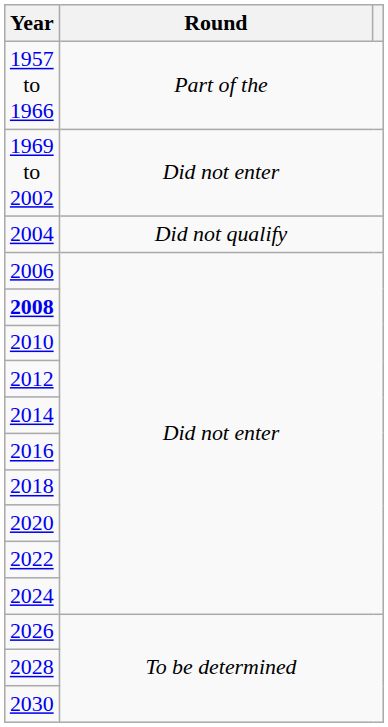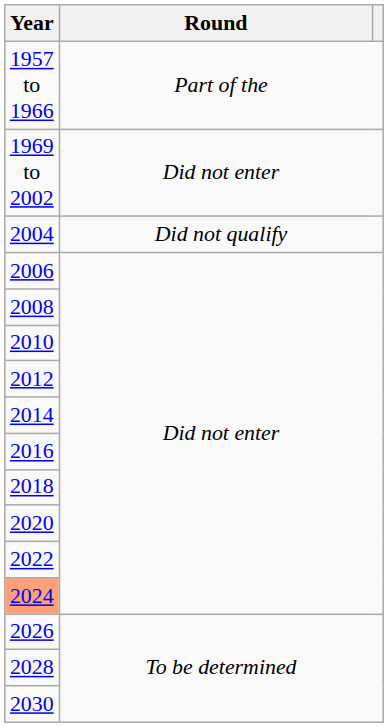 <table class="wikitable" style="text-align: center; font-size:90%">
 <tr>
 <th>Year</th>
 <th style="width:200px">Round</th>
 <th></th>
 </tr>
 <tr>
 <td><a href='#'>1957</a><br>to<br><a href='#'>1966</a></td>
 <td colspan="2"><em>Part of the </em></td>
 </tr>
 <tr>
 <td><a href='#'>1969</a><br>to<br><a href='#'>2002</a></td>
 <td colspan="2"><em>Did not enter</em></td>
 </tr>
 <tr>
 <td><a href='#'>2004</a></td>
 <td colspan="2"><em>Did not qualify</em></td>
 </tr>
 <tr>
 <td><a href='#'>2006</a></td>
 <td colspan="2" rowspan="10"><em>Did not enter</em></td>
 </tr>
 <tr>
-<td><strong><a href='#'>2008</a></strong></td>
+<td><a href='#'>2008</a></td>
 </tr>
 <tr>
 <td><a href='#'>2010</a></td>
 </tr>
 <tr>
 <td><a href='#'>2012</a></td>
 </tr>
 <tr>
 <td><a href='#'>2014</a></td>
 </tr>
 <tr>
 <td><a href='#'>2016</a></td>
 </tr>
 <tr>
 <td><a href='#'>2018</a></td>
 </tr>
 <tr>
 <td><a href='#'>2020</a></td>
 </tr>
 <tr>
 <td><a href='#'>2022</a></td>
 </tr>
 <tr>
-<td><a href='#'>2024</a></td>
+<td style="background: lightsalmon;"><a href='#'>2024</a></td>
 </tr>
 <tr>
 <td><a href='#'>2026</a></td>
 <td colspan="2" rowspan="3"><em>To be determined</em></td>
 </tr>
 <tr>
 <td><a href='#'>2028</a></td>
 </tr>
 <tr>
 <td><a href='#'>2030</a></td>
 </tr>
 </table>
